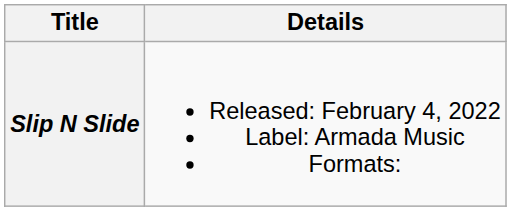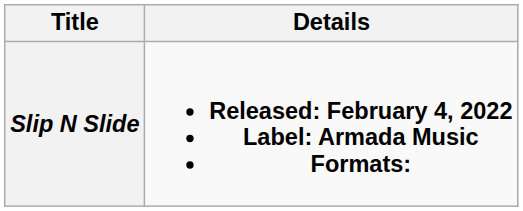 <table class="wikitable plainrowheaders" style="text-align:center;">
 <tr>
 <th>Title</th>
 <th>Details</th>
 </tr>
 <tr>
 <th scope="row"><em>Slip N Slide</em></th>
-<td><br><ul><li>Released: February 4, 2022</li><li>Label: Armada Music</li><li>Formats:</li></ul></td>
+<td><strong><br><ul><li>Released: February 4, 2022</li><li>Label: Armada Music</li><li>Formats:</li></ul></strong></td>
 </tr>
 </table>
